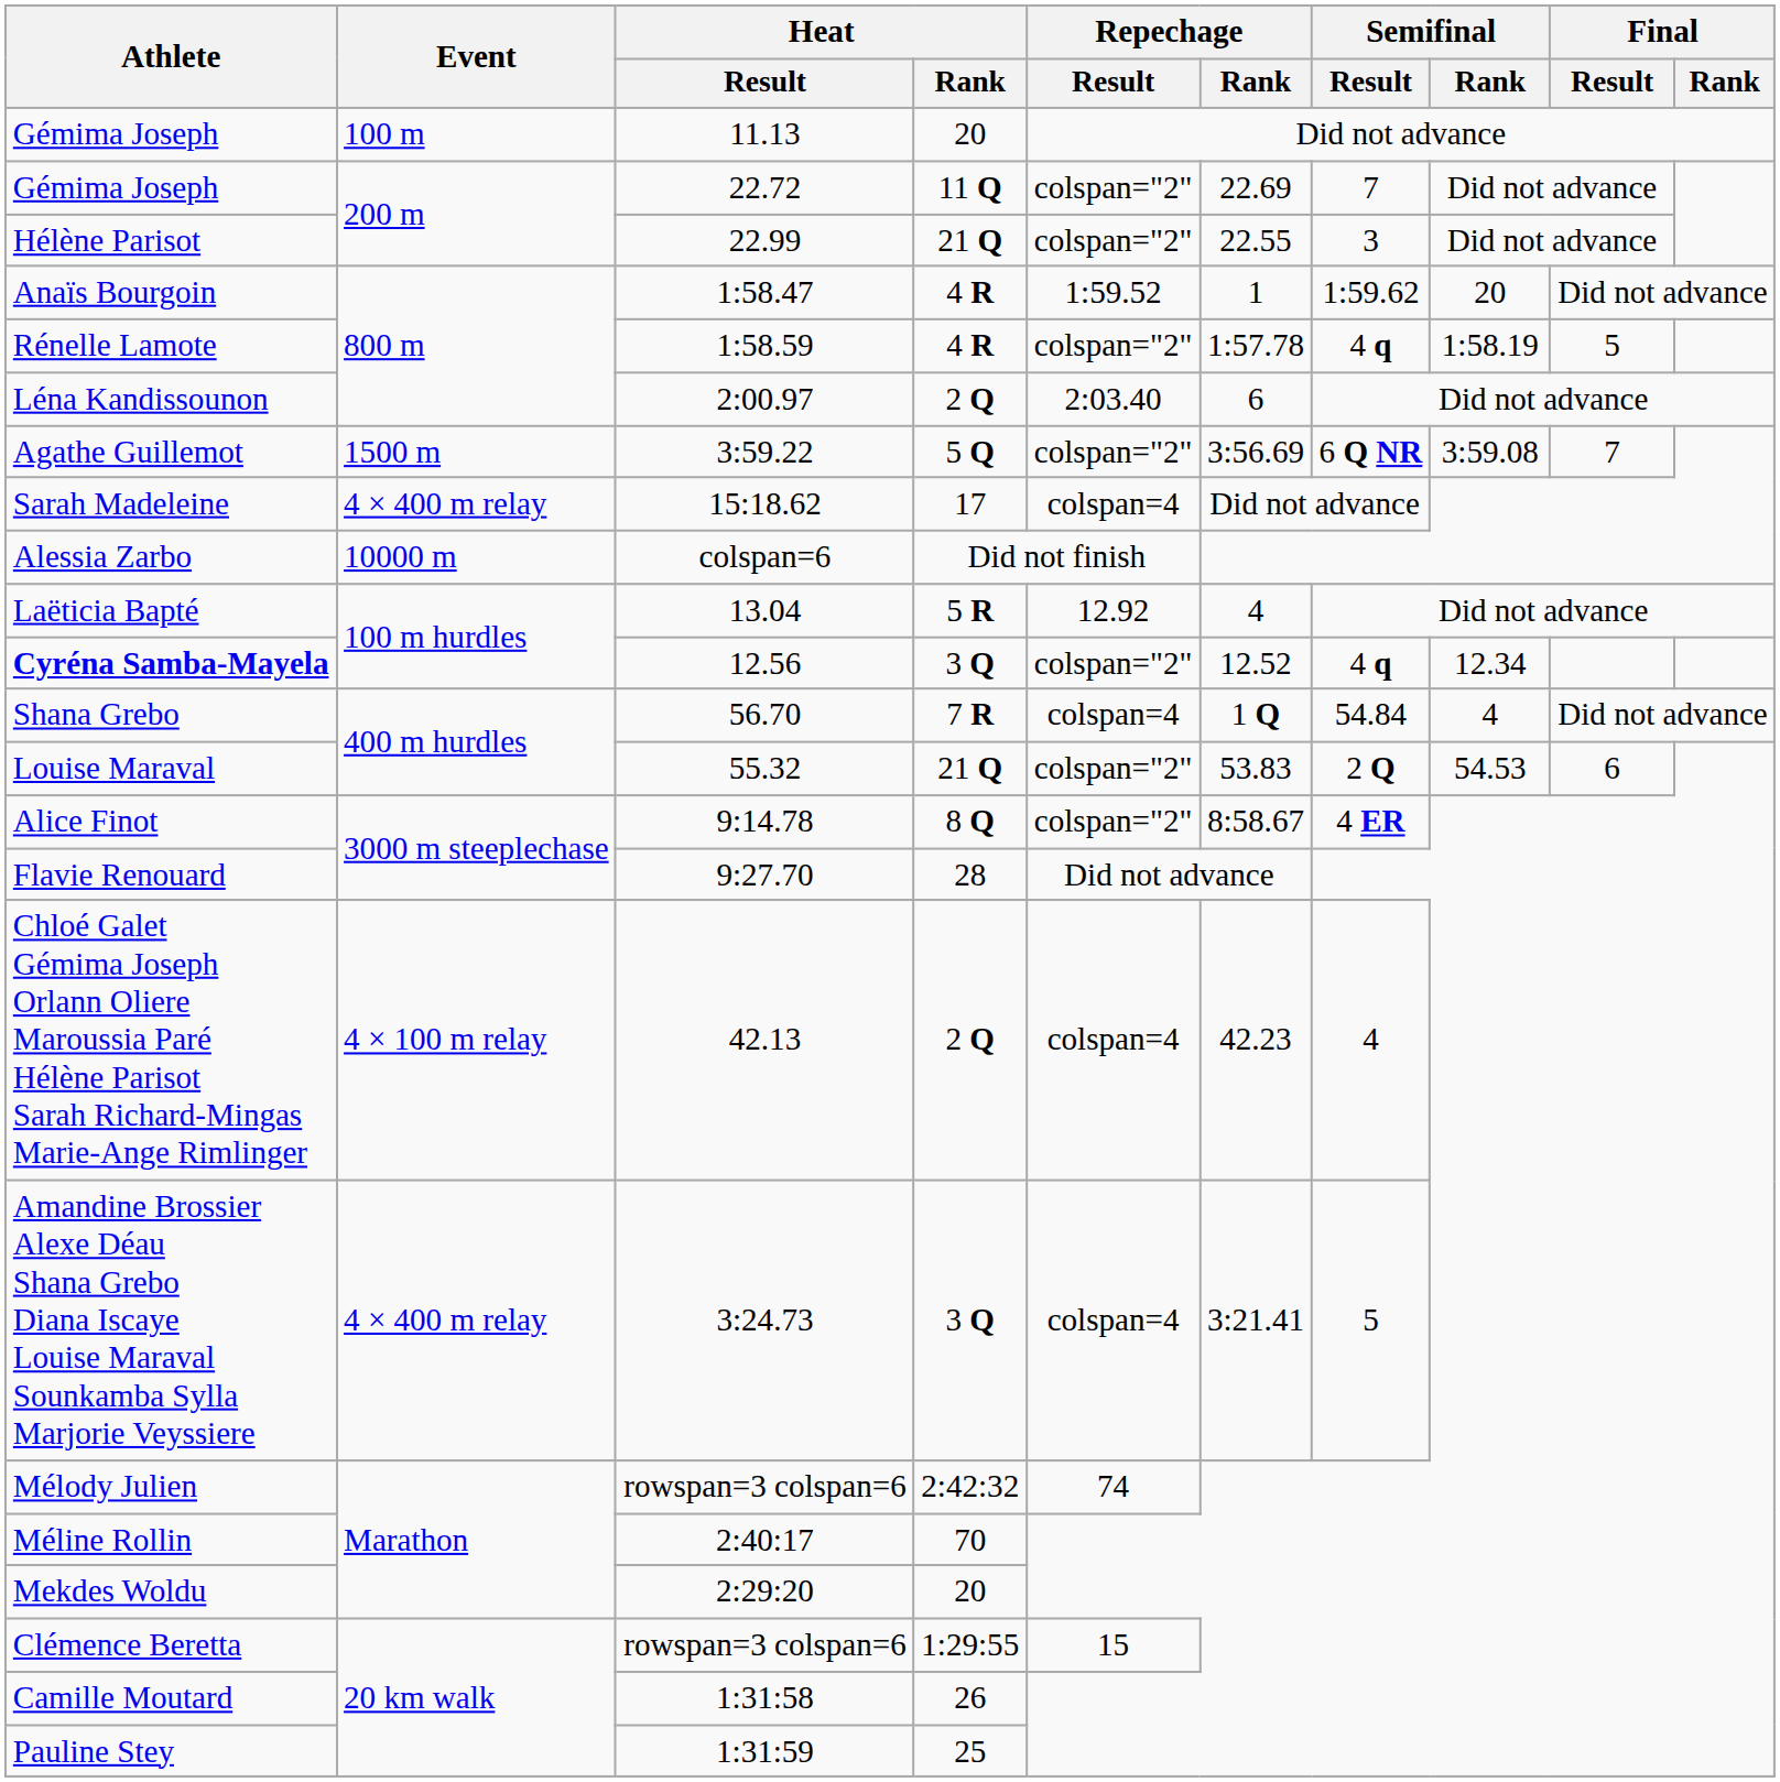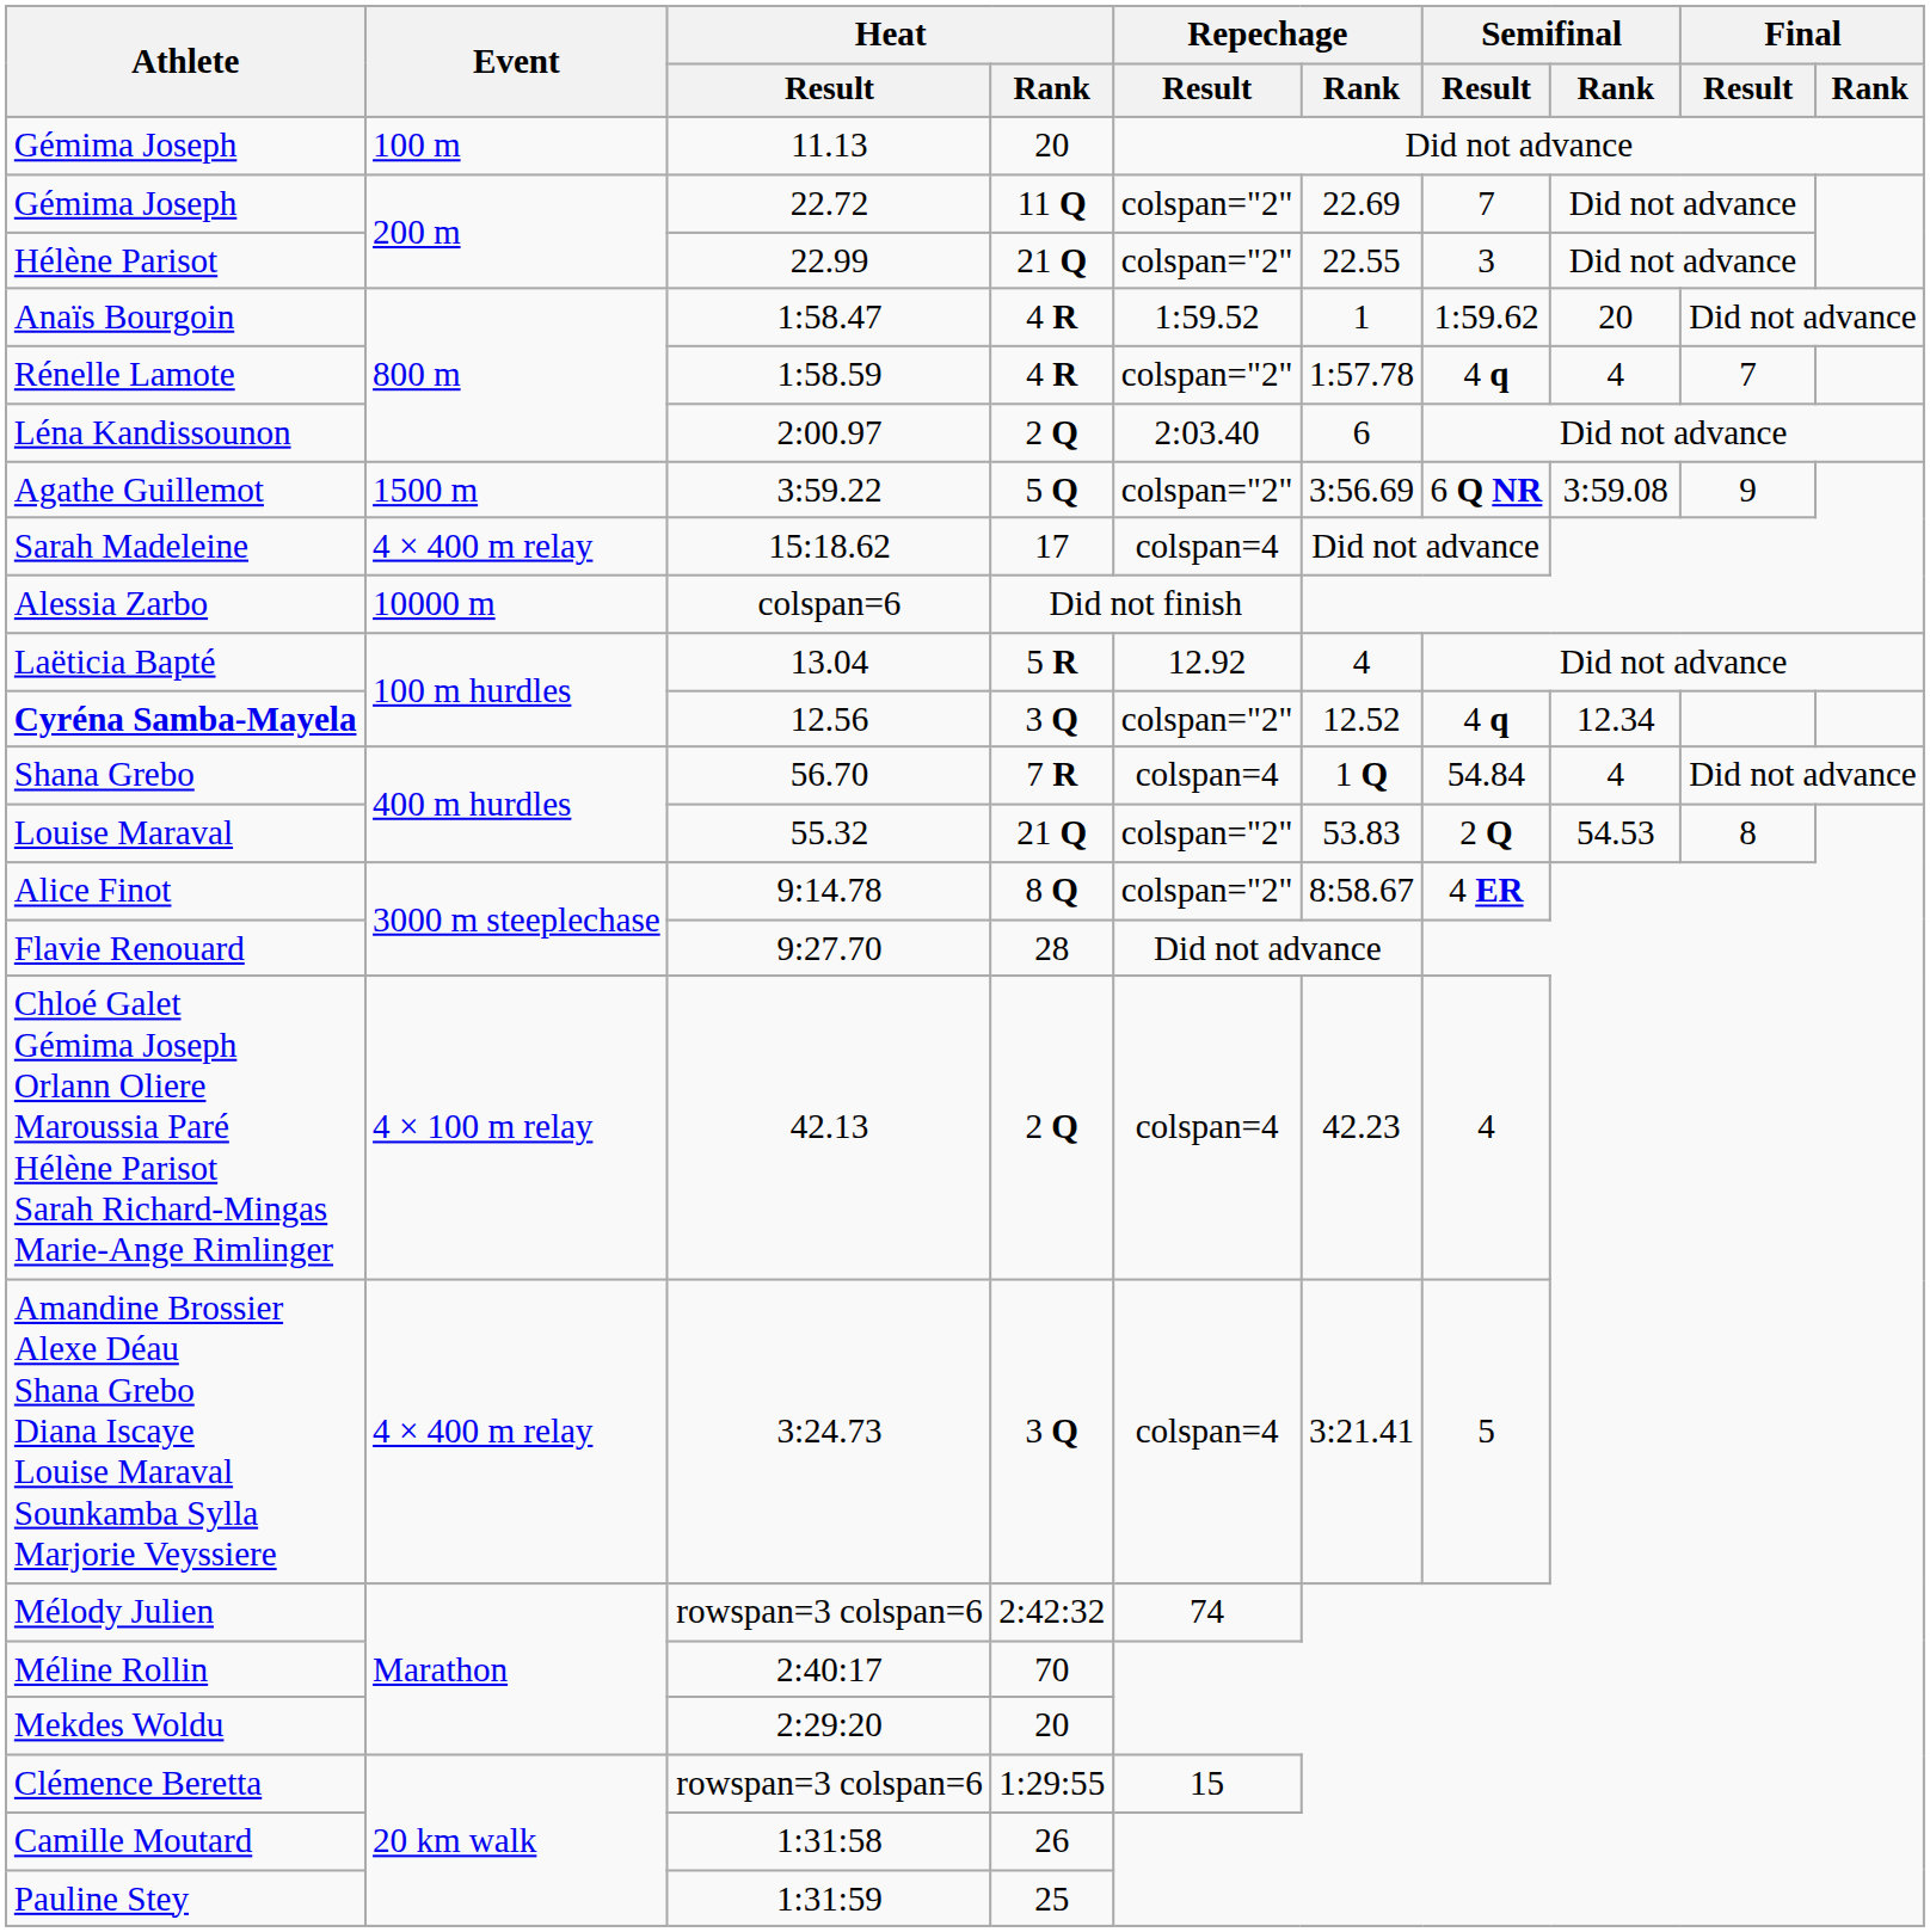 <table class="wikitable" style="font-size:90%">
 <tr>
 <th rowspan="2">Athlete</th>
 <th rowspan="2">Event</th>
 <th colspan="2">Heat</th>
 <th colspan="2">Repechage</th>
 <th colspan="2">Semifinal</th>
 <th colspan="2">Final</th>
 </tr>
 <tr style="font-size:95%">
 <th>Result</th>
 <th>Rank</th>
 <th>Result</th>
 <th>Rank</th>
 <th>Result</th>
 <th>Rank</th>
 <th>Result</th>
 <th>Rank</th>
 </tr>
 <tr align=center>
 <td align=left><a href='#'>Gémima Joseph</a></td>
 <td align=left><a href='#'>100 m</a></td>
 <td>11.13</td>
 <td>20</td>
 <td colspan="6">Did not advance</td>
 </tr>
 <tr align=center>
 <td align=left><a href='#'>Gémima Joseph</a></td>
 <td align=left rowspan=2><a href='#'>200 m</a></td>
 <td>22.72</td>
 <td>11 <strong>Q</strong></td>
 <td>colspan="2" </td>
 <td>22.69</td>
 <td>7</td>
 <td colspan="2">Did not advance</td>
 </tr>
 <tr align=center>
 <td align=left><a href='#'>Hélène Parisot</a></td>
 <td>22.99</td>
 <td>21 <strong>Q</strong></td>
 <td>colspan="2" </td>
 <td>22.55</td>
 <td>3</td>
 <td colspan="2">Did not advance</td>
 </tr>
 <tr align=center>
 <td align=left><a href='#'>Anaïs Bourgoin</a></td>
 <td align=left rowspan=3><a href='#'>800 m</a></td>
 <td>1:58.47</td>
 <td>4 <strong>R</strong></td>
 <td>1:59.52</td>
 <td>1</td>
 <td>1:59.62</td>
 <td>20</td>
 <td colspan="2">Did not advance</td>
 </tr>
 <tr align=center>
 <td align=left><a href='#'>Rénelle Lamote</a></td>
 <td>1:58.59</td>
 <td>4 <strong>R</strong></td>
 <td>colspan="2" </td>
 <td>1:57.78</td>
 <td>4 <strong>q</strong></td>
-<td>1:58.19</td>
-<td>5</td>
+<td>4</td>
+<td>7</td>
 </tr>
 <tr align=center>
 <td align=left><a href='#'>Léna Kandissounon</a></td>
 <td>2:00.97</td>
 <td>2 <strong>Q</strong></td>
 <td>2:03.40</td>
 <td>6</td>
 <td colspan="4">Did not advance</td>
 </tr>
 <tr align=center>
 <td align=left><a href='#'>Agathe Guillemot</a></td>
 <td align=left><a href='#'>1500 m</a></td>
 <td>3:59.22</td>
 <td>5 <strong>Q</strong></td>
 <td>colspan="2" </td>
 <td>3:56.69</td>
 <td>6 <strong>Q</strong> <strong><a href='#'>NR</a></strong></td>
 <td>3:59.08</td>
-<td>7</td>
+<td>9</td>
 </tr>
 <tr align=center>
 <td align=left><a href='#'>Sarah Madeleine</a></td>
 <td align=left><a href='#'>4 × 400 m relay</a></td>
 <td>15:18.62</td>
 <td>17</td>
 <td>colspan=4 </td>
 <td colspan="2">Did not advance</td>
 </tr>
 <tr align=center>
 <td align=left><a href='#'>Alessia Zarbo</a></td>
 <td align=left><a href='#'>10000 m</a></td>
 <td>colspan=6 </td>
 <td colspan="2">Did not finish</td>
 </tr>
 <tr align=center>
 <td align=left><a href='#'>Laëticia Bapté</a></td>
 <td align=left rowspan=2><a href='#'>100 m hurdles</a></td>
 <td>13.04</td>
 <td>5 <strong>R</strong></td>
 <td>12.92</td>
 <td>4</td>
 <td colspan="4">Did not advance</td>
 </tr>
 <tr align=center>
 <td align=left><strong><a href='#'>Cyréna Samba-Mayela</a></strong></td>
 <td>12.56</td>
 <td>3 <strong>Q</strong></td>
 <td>colspan="2" </td>
 <td>12.52</td>
 <td>4 <strong>q</strong></td>
 <td>12.34</td>
 <td></td>
 </tr>
 <tr align=center>
 <td align=left><a href='#'>Shana Grebo</a></td>
 <td align=left rowspan=2><a href='#'>400 m hurdles</a></td>
 <td>56.70</td>
 <td>7 <strong>R</strong></td>
 <td>colspan=4 </td>
 <td>1 <strong>Q</strong></td>
 <td>54.84</td>
 <td>4</td>
 <td colspan="2">Did not advance</td>
 </tr>
 <tr align=center>
 <td align=left><a href='#'>Louise Maraval</a></td>
 <td>55.32</td>
 <td>21 <strong>Q</strong></td>
 <td>colspan="2" </td>
 <td>53.83</td>
 <td>2 <strong>Q</strong></td>
 <td>54.53</td>
-<td>6</td>
+<td>8</td>
 </tr>
 <tr align=center>
 <td align=left><a href='#'>Alice Finot</a></td>
 <td align=left rowspan=2><a href='#'>3000 m steeplechase</a></td>
 <td>9:14.78</td>
 <td>8 <strong>Q</strong></td>
 <td>colspan="2" </td>
 <td>8:58.67</td>
 <td>4 <strong><a href='#'>ER</a></strong></td>
 </tr>
 <tr align=center>
 <td align=left><a href='#'>Flavie Renouard</a></td>
 <td>9:27.70</td>
 <td>28</td>
 <td colspan="2">Did not advance</td>
 </tr>
 <tr align=center>
 <td align=left><a href='#'>Chloé Galet</a><br><a href='#'>Gémima Joseph</a><br><a href='#'>Orlann Oliere</a><br><a href='#'>Maroussia Paré</a><br><a href='#'>Hélène Parisot</a><br><a href='#'>Sarah Richard-Mingas</a><br><a href='#'>Marie-Ange Rimlinger</a></td>
 <td align=left><a href='#'>4 × 100 m relay</a></td>
 <td>42.13</td>
 <td>2 <strong>Q</strong></td>
 <td>colspan=4 </td>
 <td>42.23</td>
 <td>4</td>
 </tr>
 <tr align=center>
 <td align=left><a href='#'>Amandine Brossier</a><br><a href='#'>Alexe Déau</a><br><a href='#'>Shana Grebo</a><br><a href='#'>Diana Iscaye</a><br><a href='#'>Louise Maraval</a><br><a href='#'>Sounkamba Sylla</a><br><a href='#'>Marjorie Veyssiere</a></td>
 <td align=left><a href='#'>4 × 400 m relay</a></td>
 <td>3:24.73</td>
 <td>3 <strong>Q</strong></td>
 <td>colspan=4 </td>
 <td>3:21.41 <strong></strong></td>
 <td>5</td>
 </tr>
 <tr align=center>
 <td align=left><a href='#'>Mélody Julien</a></td>
 <td align=left rowspan=3><a href='#'>Marathon</a></td>
 <td>rowspan=3 colspan=6 </td>
 <td>2:42:32 <strong></strong></td>
 <td>74</td>
 </tr>
 <tr align=center>
 <td align=left><a href='#'>Méline Rollin</a></td>
 <td>2:40:17</td>
 <td>70</td>
 </tr>
 <tr align=center>
 <td align=left><a href='#'>Mekdes Woldu</a></td>
 <td>2:29:20 <strong></strong></td>
 <td>20</td>
 </tr>
 <tr align=center>
 <td align=left><a href='#'>Clémence Beretta</a></td>
 <td align=left rowspan=3><a href='#'>20 km walk</a></td>
 <td>rowspan=3 colspan=6 </td>
 <td>1:29:55</td>
 <td>15</td>
 </tr>
 <tr align=center>
 <td align=left><a href='#'>Camille Moutard</a></td>
 <td>1:31:58</td>
 <td>26</td>
 </tr>
 <tr align=center>
 <td align=left><a href='#'>Pauline Stey</a></td>
 <td>1:31:59</td>
 <td>25</td>
 </tr>
 </table>
